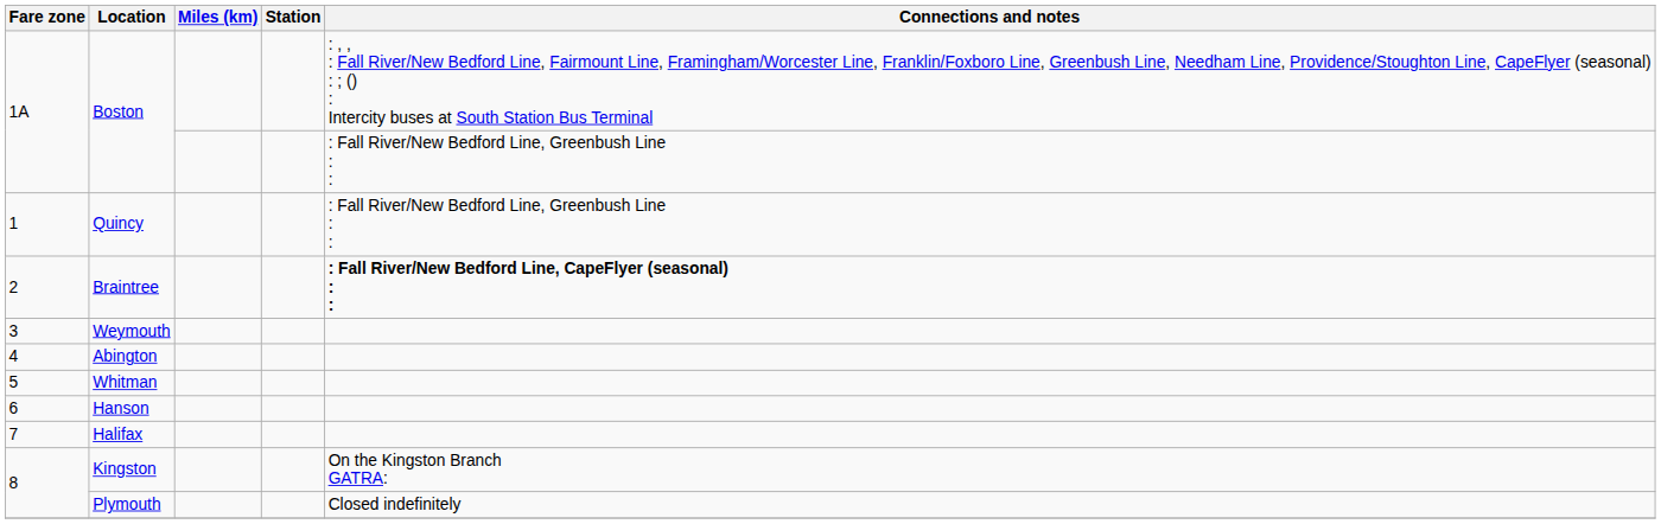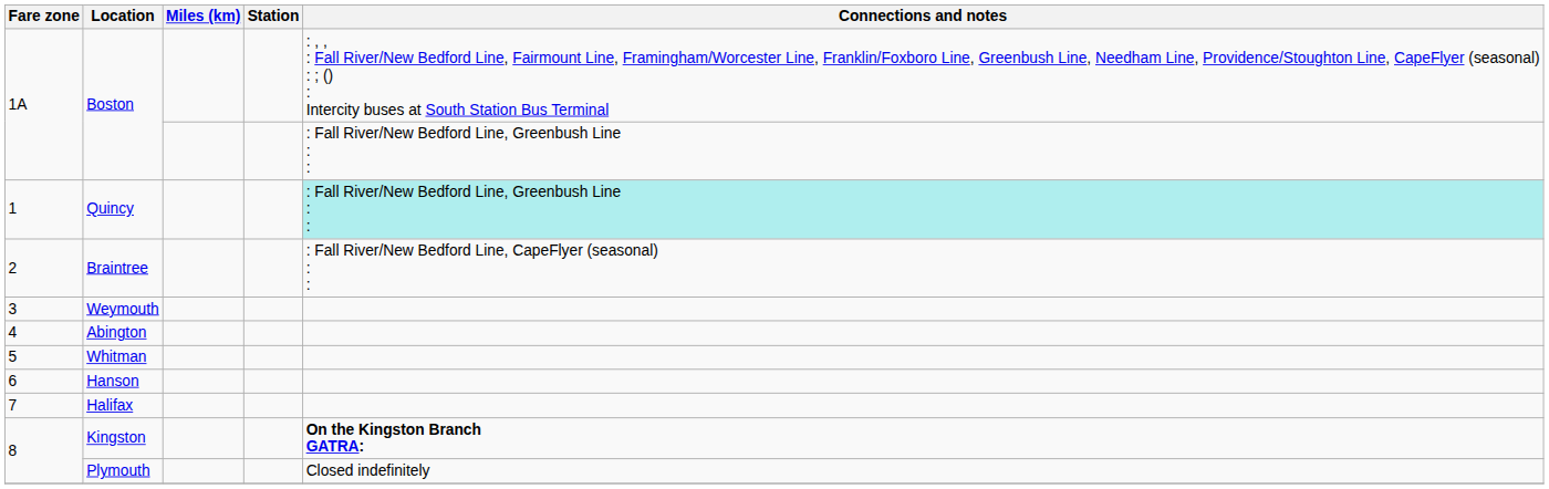 <table class="wikitable">
 <tr>
 <th>Fare zone</th>
 <th>Location</th>
 <th><a href='#'>Miles (km)</a></th>
 <th>Station</th>
 <th>Connections and notes</th>
 </tr>
 <tr>
 <td rowspan="2">1A</td>
 <td rowspan="2"><a href='#'>Boston</a></td>
 <td></td>
 <td> </td>
 <td>: , , <br>: <a href='#'>Fall River/New Bedford Line</a>, <a href='#'>Fairmount Line</a>, <a href='#'>Framingham/Worcester Line</a>, <a href='#'>Franklin/Foxboro Line</a>, <a href='#'>Greenbush Line</a>, <a href='#'>Needham Line</a>, <a href='#'>Providence/Stoughton Line</a>, <a href='#'>CapeFlyer</a> (seasonal)<br>: ;  ()<br>: <br> Intercity buses at <a href='#'>South Station Bus Terminal</a></td>
 </tr>
 <tr>
 <td></td>
 <td> </td>
 <td>: Fall River/New Bedford Line, Greenbush Line<br>: <br>: <br> </td>
 </tr>
 <tr>
 <td>1</td>
 <td><a href='#'>Quincy</a></td>
 <td></td>
 <td> </td>
-<td>: Fall River/New Bedford Line, Greenbush Line<br>: <br>: </td>
+<td style="background: paleturquoise;">: Fall River/New Bedford Line, Greenbush Line<br>: <br>: </td>
 </tr>
 <tr>
 <td>2</td>
 <td><a href='#'>Braintree</a></td>
 <td></td>
 <td> </td>
-<td><strong>: Fall River/New Bedford Line, CapeFlyer (seasonal)<br>: <br>: </strong></td>
+<td>: Fall River/New Bedford Line, CapeFlyer (seasonal)<br>: <br>: </td>
 </tr>
 <tr>
 <td>3</td>
 <td><a href='#'>Weymouth</a></td>
 <td></td>
 <td> </td>
 <td></td>
 </tr>
 <tr>
 <td>4</td>
 <td><a href='#'>Abington</a></td>
 <td></td>
 <td> </td>
 <td></td>
 </tr>
 <tr>
 <td>5</td>
 <td><a href='#'>Whitman</a></td>
 <td></td>
 <td> </td>
 <td></td>
 </tr>
 <tr>
 <td>6</td>
 <td><a href='#'>Hanson</a></td>
 <td></td>
 <td> </td>
 <td></td>
 </tr>
 <tr>
 <td>7</td>
 <td><a href='#'>Halifax</a></td>
 <td></td>
 <td> </td>
 <td></td>
 </tr>
 <tr>
 <td rowspan="2">8</td>
 <td><a href='#'>Kingston</a></td>
 <td></td>
 <td> </td>
-<td>On the Kingston Branch<br> <a href='#'>GATRA</a>: </td>
+<td><strong>On the Kingston Branch<br> <a href='#'>GATRA</a>: </strong></td>
 </tr>
 <tr>
 <td><a href='#'>Plymouth</a></td>
 <td></td>
 <td> </td>
 <td>Closed indefinitely</td>
 </tr>
 <tr>
 </tr>
 </table>
